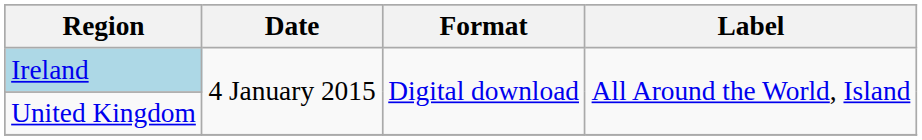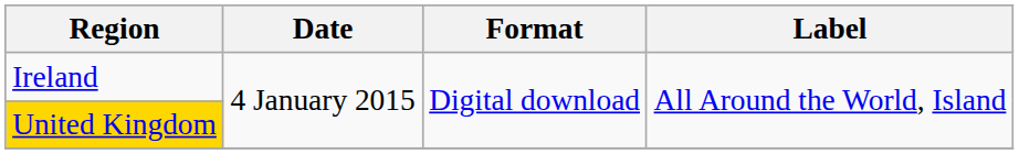 <table class="wikitable">
 <tr>
 <th>Region</th>
 <th>Date</th>
 <th>Format</th>
 <th>Label</th>
 </tr>
 <tr>
-<td style="background: lightblue;"><a href='#'>Ireland</a></td>
+<td><a href='#'>Ireland</a></td>
 <td rowspan="2">4 January 2015</td>
 <td rowspan="2"><a href='#'>Digital download</a></td>
 <td rowspan="2"><a href='#'>All Around the World</a>, <a href='#'>Island</a></td>
 </tr>
 <tr>
-<td><a href='#'>United Kingdom</a></td>
+<td style="background: gold;"><a href='#'>United Kingdom</a></td>
 </tr>
 <tr>
 </tr>
 </table>
